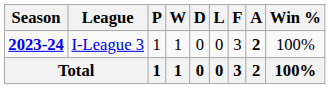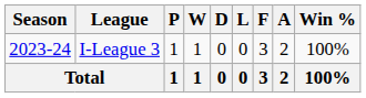 <table class="wikitable" style="text-align: center">
 <tr>
 <th>Season</th>
 <th>League</th>
 <th>P</th>
 <th>W</th>
 <th>D</th>
 <th>L</th>
 <th>F</th>
 <th>A</th>
 <th>Win %</th>
 </tr>
 <tr>
-<td align="left"><strong><a href='#'>2023-24</a></strong></td>
+<td align="left"><a href='#'>2023-24</a></td>
 <td><a href='#'>I-League 3</a></td>
 <td>1</td>
 <td>1</td>
 <td>0</td>
 <td>0</td>
 <td>3</td>
-<td><strong>2</strong></td>
+<td>2</td>
 <td>100%</td>
 </tr>
 <tr>
 <th colspan="2" align="left">Total</th>
 <th>1</th>
 <th>1</th>
 <th>0</th>
 <th>0</th>
 <th>3</th>
 <th>2</th>
 <th>100%</th>
 </tr>
 </table>
